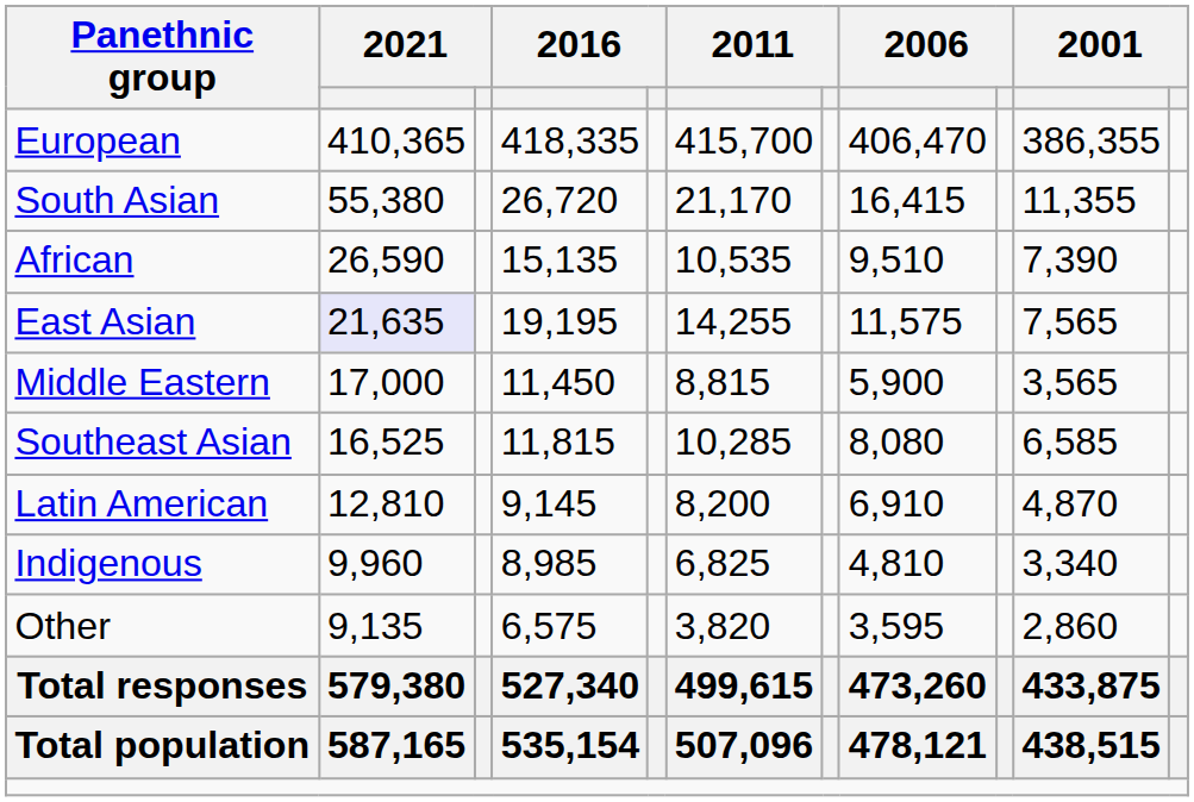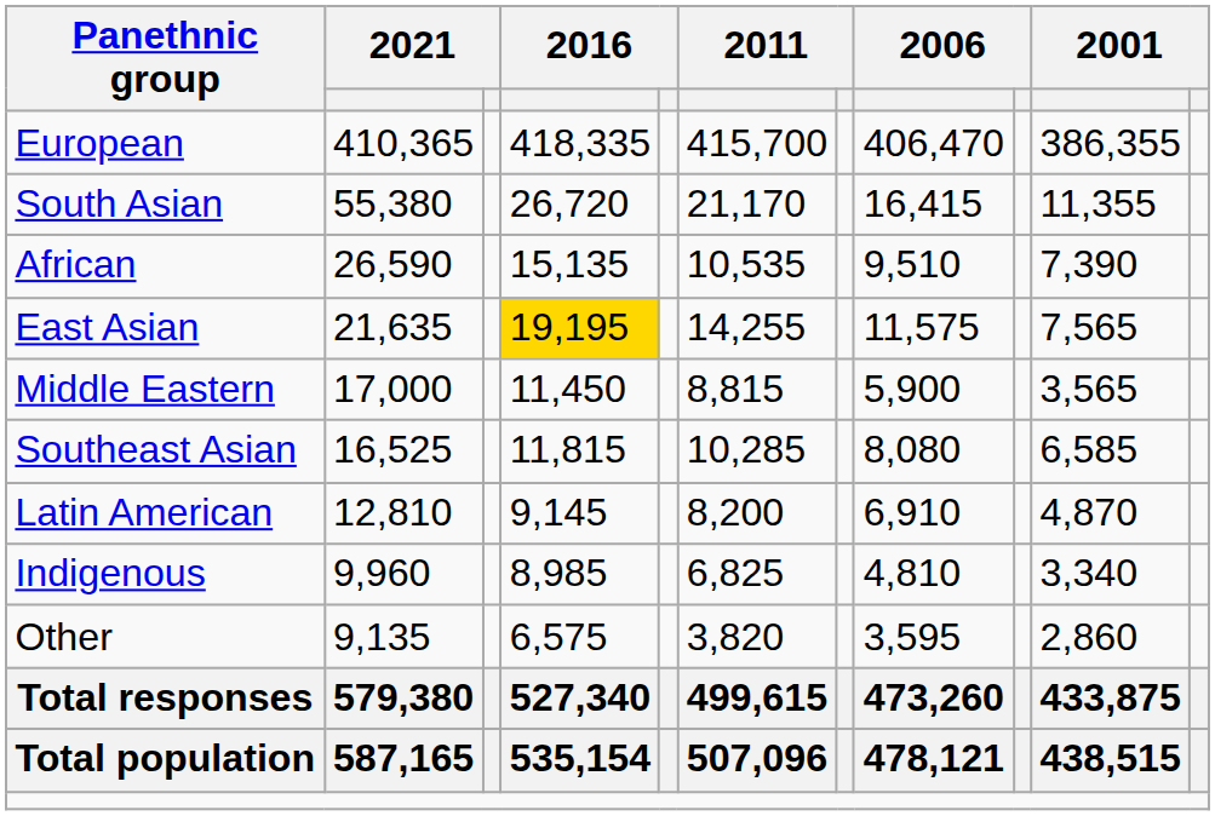 <table class="wikitable collapsible sortable">
 <tr>
 <th rowspan="2"><a href='#'>Panethnic</a><br>group</th>
 <th colspan="2">2021</th>
 <th colspan="2">2016</th>
 <th colspan="2">2011</th>
 <th colspan="2">2006</th>
 <th colspan="2">2001</th>
 </tr>
 <tr>
 <th><a href='#'></a></th>
 <th></th>
 <th></th>
 <th></th>
 <th></th>
 <th></th>
 <th></th>
 <th></th>
 <th></th>
 <th></th>
 </tr>
 <tr>
 <td><a href='#'>European</a></td>
 <td>410,365</td>
 <td></td>
 <td>418,335</td>
 <td></td>
 <td>415,700</td>
 <td></td>
 <td>406,470</td>
 <td></td>
 <td>386,355</td>
 <td></td>
 </tr>
 <tr>
 <td><a href='#'>South Asian</a></td>
 <td>55,380</td>
 <td></td>
 <td>26,720</td>
 <td></td>
 <td>21,170</td>
 <td></td>
 <td>16,415</td>
 <td></td>
 <td>11,355</td>
 <td></td>
 </tr>
 <tr>
 <td><a href='#'>African</a></td>
 <td>26,590</td>
 <td></td>
 <td>15,135</td>
 <td></td>
 <td>10,535</td>
 <td></td>
 <td>9,510</td>
 <td></td>
 <td>7,390</td>
 <td></td>
 </tr>
 <tr>
 <td><a href='#'>East Asian</a></td>
-<td style="background: lavender;">21,635</td>
+<td>21,635</td>
 <td></td>
-<td>19,195</td>
+<td style="background: gold;">19,195</td>
 <td></td>
 <td>14,255</td>
 <td></td>
 <td>11,575</td>
 <td></td>
 <td>7,565</td>
 <td></td>
 </tr>
 <tr>
 <td><a href='#'>Middle Eastern</a></td>
 <td>17,000</td>
 <td></td>
 <td>11,450</td>
 <td></td>
 <td>8,815</td>
 <td></td>
 <td>5,900</td>
 <td></td>
 <td>3,565</td>
 <td></td>
 </tr>
 <tr>
 <td><a href='#'>Southeast Asian</a></td>
 <td>16,525</td>
 <td></td>
 <td>11,815</td>
 <td></td>
 <td>10,285</td>
 <td></td>
 <td>8,080</td>
 <td></td>
 <td>6,585</td>
 <td></td>
 </tr>
 <tr>
 <td><a href='#'>Latin American</a></td>
 <td>12,810</td>
 <td></td>
 <td>9,145</td>
 <td></td>
 <td>8,200</td>
 <td></td>
 <td>6,910</td>
 <td></td>
 <td>4,870</td>
 <td></td>
 </tr>
 <tr>
 <td><a href='#'>Indigenous</a></td>
 <td>9,960</td>
 <td></td>
 <td>8,985</td>
 <td></td>
 <td>6,825</td>
 <td></td>
 <td>4,810</td>
 <td></td>
 <td>3,340</td>
 <td></td>
 </tr>
 <tr>
 <td>Other</td>
 <td>9,135</td>
 <td></td>
 <td>6,575</td>
 <td></td>
 <td>3,820</td>
 <td></td>
 <td>3,595</td>
 <td></td>
 <td>2,860</td>
 <td></td>
 </tr>
 <tr>
 <th>Total responses</th>
 <th>579,380</th>
 <th></th>
 <th>527,340</th>
 <th></th>
 <th>499,615</th>
 <th></th>
 <th>473,260</th>
 <th></th>
 <th>433,875</th>
 <th></th>
 </tr>
 <tr>
 <th>Total population</th>
 <th>587,165</th>
 <th></th>
 <th>535,154</th>
 <th></th>
 <th>507,096</th>
 <th></th>
 <th>478,121</th>
 <th></th>
 <th>438,515</th>
 <th></th>
 </tr>
 <tr class="sortbottom">
 <td colspan="15"></td>
 </tr>
 </table>
